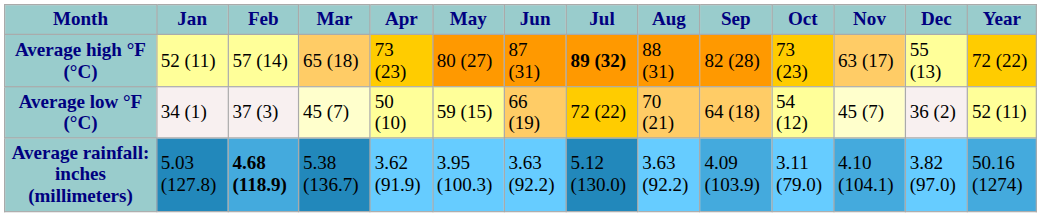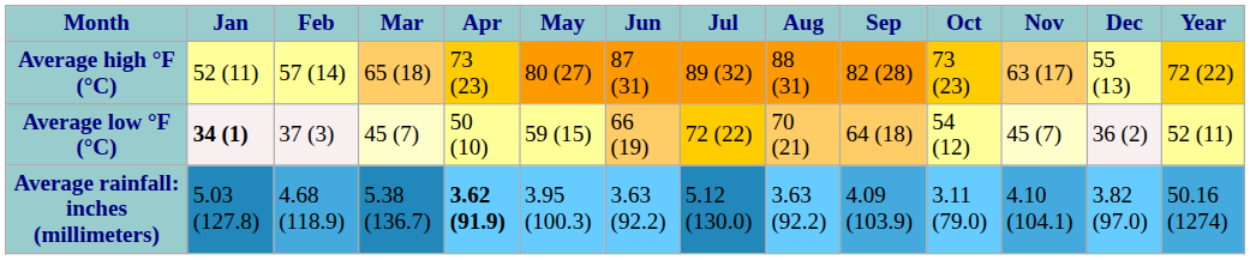 <table class="wikitable">
 <tr>
 <th style="background: #99CCCC; color: #000080" height="17">Month</th>
 <th style="background: #99CCCC; color:#000080;">Jan</th>
 <th style="background: #99CCCC; color:#000080;">Feb</th>
 <th style="background: #99CCCC; color:#000080;">Mar</th>
 <th style="background: #99CCCC; color:#000080;">Apr</th>
 <th style="background: #99CCCC; color:#000080;">May</th>
 <th style="background: #99CCCC; color:#000080;">Jun</th>
 <th style="background: #99CCCC; color:#000080;">Jul</th>
 <th style="background: #99CCCC; color:#000080;">Aug</th>
 <th style="background: #99CCCC; color:#000080;">Sep</th>
 <th style="background: #99CCCC; color:#000080;">Oct</th>
 <th style="background: #99CCCC; color:#000080;">Nov</th>
 <th style="background: #99CCCC; color:#000080;">Dec</th>
 <th style="background: #99CCCC; color:#000080;">Year</th>
 </tr>
 <tr>
 <th style="background: #99CCCC; color:#000080;">Average high °F (°C)</th>
 <td style="background: #FFFF99; color: black;">52 (11)</td>
 <td style="background: #FFFF99; color: black;">57 (14)</td>
 <td style="background: #FFCC66; color: black;">65 (18)</td>
 <td style="background: #FFCC00; color: black;">73 (23)</td>
 <td style="background: #FF9900; color: black;">80 (27)</td>
 <td style="background: #FF9900; color: black;">87 (31)</td>
-<td style="background: #FF9900; color: black;"><strong>89 (32)</strong></td>
+<td style="background: #FF9900; color: black;">89 (32)</td>
 <td style="background: #FF9900; color: black;">88 (31)</td>
 <td style="background: #FF9900; color: black;">82 (28)</td>
 <td style="background: #FFCC00; color: black;">73 (23)</td>
 <td style="background: #FFCC66; color: black;">63 (17)</td>
 <td style="background: #FFFF99; color: black;">55 (13)</td>
 <td style="background: #FFCC00; color: black;">72 (22)</td>
 </tr>
 <tr>
 <th style="background: #99CCCC; color:#000080;" height="16;">Average low °F (°C)</th>
-<td style="background: #F8F0F0; color: black;">34 (1)</td>
+<td style="background: #F8F0F0; color: black;"><strong>34 (1)</strong></td>
 <td style="background: #F8F0F0; color: black;">37 (3)</td>
 <td style="background: #FFFFCC; color: black;">45 (7)</td>
 <td style="background: #FFFF99; color: black;">50 (10)</td>
 <td style="background: #FFFF99; color: black;">59 (15)</td>
 <td style="background: #FFCC66; color: black;">66 (19)</td>
 <td style="background: #FFCC00; color: black;">72 (22)</td>
 <td style="background: #FFCC66; color: black;">70 (21)</td>
 <td style="background: #FFCC66; color: black;">64 (18)</td>
 <td style="background: #FFFF99; color: black;">54 (12)</td>
 <td style="background: #FFFFCC; color: black;">45 (7)</td>
 <td style="background: #F8F0F0; color: black;">36 (2)</td>
 <td style="background: #FFFF99; color: black;">52 (11)</td>
 </tr>
 <tr>
 <th style="background: #99CCCC; color:#000080;">Average rainfall: inches (millimeters)</th>
 <td style="background: #2288BB;">5.03 (127.8)</td>
-<td style="background: #44AADD;"><strong>4.68 (118.9)</strong></td>
+<td style="background: #44AADD;">4.68 (118.9)</td>
 <td style="background: #2288BB;">5.38 (136.7)</td>
-<td style="background: #66CCFF;">3.62 (91.9)</td>
+<td style="background: #66CCFF;"><strong>3.62 (91.9)</strong></td>
 <td style="background: #66CCFF;">3.95 (100.3)</td>
 <td style="background: #66CCFF;">3.63 (92.2)</td>
 <td style="background: #2288BB;">5.12 (130.0)</td>
 <td style="background: #66CCFF;">3.63 (92.2)</td>
 <td style="background: #44AADD;">4.09 (103.9)</td>
 <td style="background: #66CCFF;">3.11 (79.0)</td>
 <td style="background: #44AADD;">4.10 (104.1)</td>
 <td style="background: #66CCFF;">3.82 (97.0)</td>
 <td style="background: #44AADD;">50.16 (1274)</td>
 </tr>
 </table>
